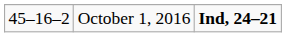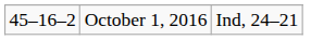 <table class="wikitable">
 <tr align="center">
 </tr>
 <tr align="center">
 <td>45–16–2</td>
 <td>October 1, 2016</td>
-<td><strong>Ind, 24–21</strong></td>
+<td>Ind, 24–21</td>
 </tr>
 </table>
